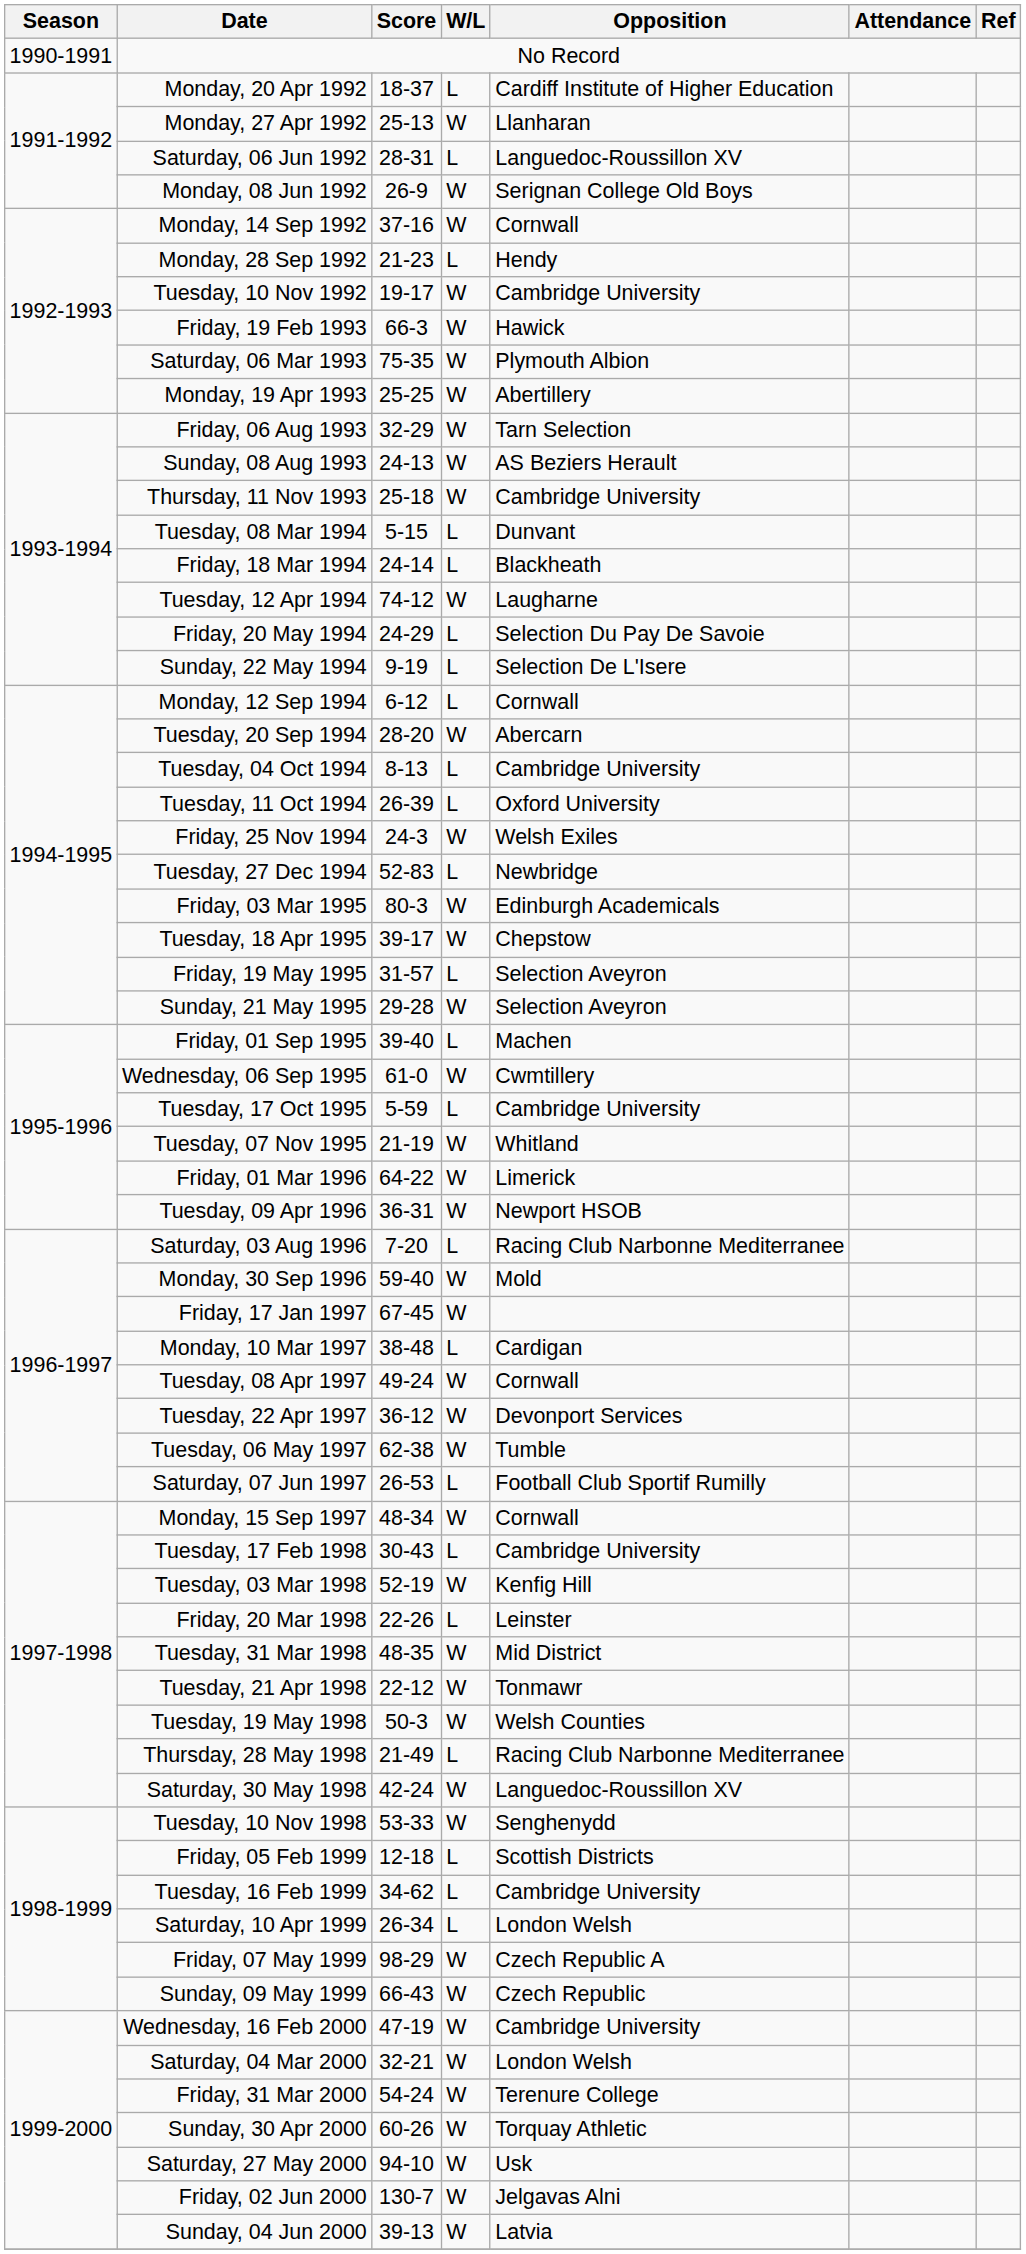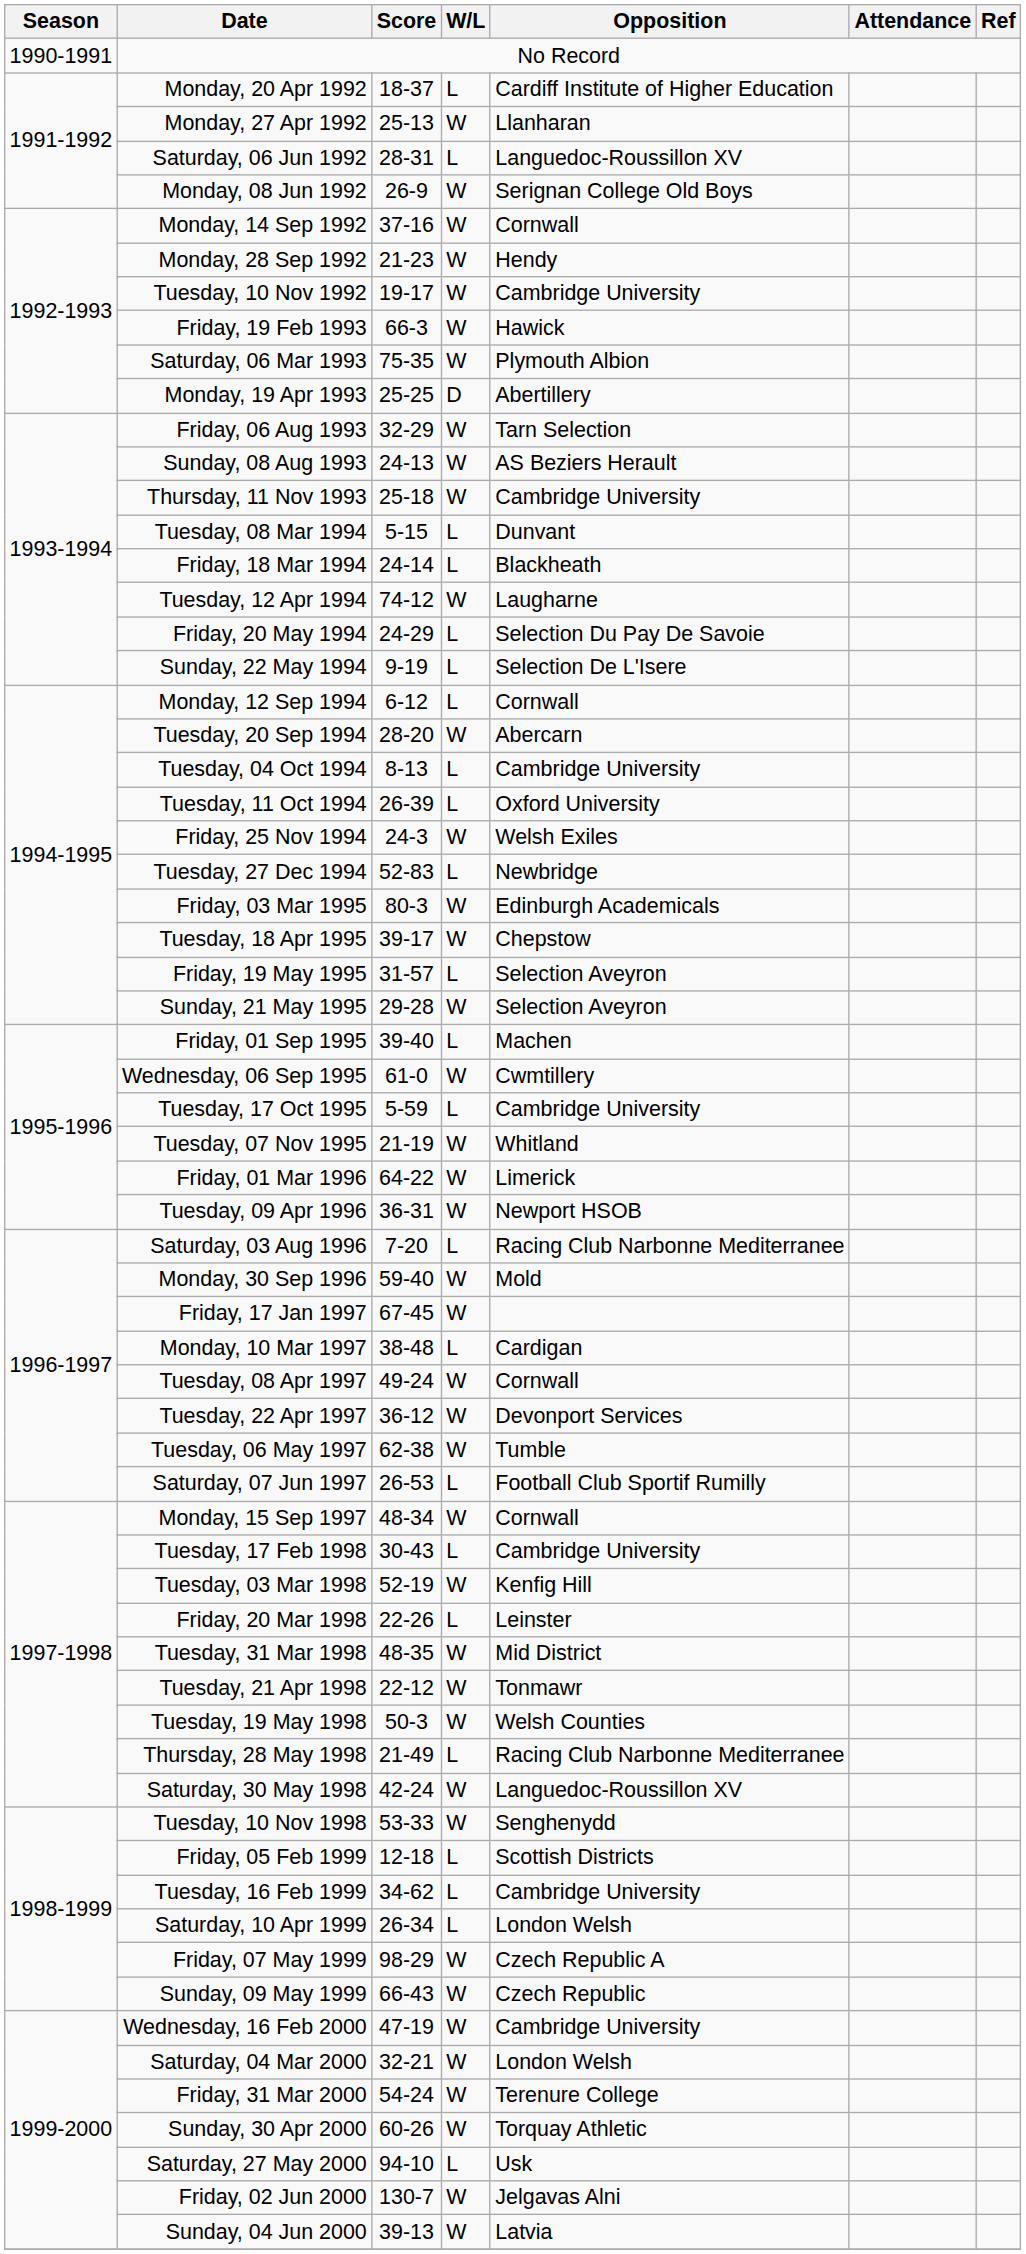 <table class="wikitable">
 <tr>
 <th>Season</th>
 <th>Date</th>
 <th>Score</th>
 <th>W/L</th>
 <th>Opposition</th>
 <th>Attendance</th>
 <th>Ref</th>
 </tr>
 <tr>
 <td>1990-1991</td>
 <td align=center colspan="7">No Record</td>
 </tr>
 <tr>
 <td rowspan=4>1991-1992</td>
 <td style="text-align:right;">Monday, 20 Apr 1992</td>
 <td style="text-align:center;">18-37</td>
 <td style="text-align:left;">L</td>
 <td>Cardiff Institute of Higher Education</td>
 <td></td>
 <td></td>
 </tr>
 <tr>
 <td style="text-align:right;">Monday, 27 Apr 1992</td>
 <td style="text-align:center;">25-13</td>
 <td style="text-align:left;">W</td>
 <td>Llanharan</td>
 <td></td>
 <td></td>
 </tr>
 <tr>
 <td style="text-align:right;">Saturday, 06 Jun 1992</td>
 <td style="text-align:center;">28-31</td>
 <td style="text-align:left;">L</td>
 <td>Languedoc-Roussillon XV</td>
 <td></td>
 </tr>
 <tr>
 <td style="text-align:right;">Monday, 08 Jun 1992</td>
 <td style="text-align:center;">26-9</td>
 <td style="text-align:left;">W</td>
 <td>Serignan College Old Boys</td>
 <td></td>
 <td></td>
 </tr>
 <tr>
 <td rowspan=6>1992-1993</td>
 <td style="text-align:right;">Monday, 14 Sep 1992</td>
 <td style="text-align:center;">37-16</td>
 <td style="text-align:left;">W</td>
 <td>Cornwall</td>
 <td></td>
 </tr>
 <tr>
 <td style="text-align:right;">Monday, 28 Sep 1992</td>
 <td style="text-align:center;">21-23</td>
-<td style="text-align:left;">L</td>
+<td style="text-align:left;">W</td>
 <td>Hendy</td>
 <td></td>
 <td></td>
 </tr>
 <tr>
 <td style="text-align:right;">Tuesday, 10 Nov 1992</td>
 <td style="text-align:center;">19-17</td>
 <td style="text-align:left;">W</td>
 <td>Cambridge University</td>
 <td></td>
 <td></td>
 </tr>
 <tr>
 <td style="text-align:right;">Friday, 19 Feb 1993</td>
 <td style="text-align:center;">66-3</td>
 <td style="text-align:left;">W</td>
 <td>Hawick</td>
 <td></td>
 <td></td>
 </tr>
 <tr>
 <td style="text-align:right;">Saturday, 06 Mar 1993</td>
 <td style="text-align:center;">75-35</td>
 <td style="text-align:left;">W</td>
 <td>Plymouth Albion</td>
 <td></td>
 <td></td>
 </tr>
 <tr>
 <td style="text-align:right;">Monday, 19 Apr 1993</td>
 <td style="text-align:center;">25-25</td>
-<td style="text-align:left;">W</td>
+<td style="text-align:left;">D</td>
 <td>Abertillery</td>
 <td></td>
 <td></td>
 </tr>
 <tr>
 <td rowspan=8>1993-1994</td>
 <td style="text-align:right;">Friday, 06 Aug 1993</td>
 <td style="text-align:center;">32-29</td>
 <td style="text-align:left;">W</td>
 <td>Tarn Selection</td>
 <td></td>
 </tr>
 <tr>
 <td style="text-align:right;">Sunday, 08 Aug 1993</td>
 <td style="text-align:center;">24-13</td>
 <td style="text-align:left;">W</td>
 <td>AS Beziers Herault</td>
 <td></td>
 <td></td>
 </tr>
 <tr>
 <td style="text-align:right;">Thursday, 11 Nov 1993</td>
 <td style="text-align:center;">25-18</td>
 <td style="text-align:left;">W</td>
 <td>Cambridge University</td>
 <td></td>
 <td></td>
 </tr>
 <tr>
 <td style="text-align:right;">Tuesday, 08 Mar 1994</td>
 <td style="text-align:center;">5-15</td>
 <td style="text-align:left;">L</td>
 <td>Dunvant</td>
 <td></td>
 <td></td>
 </tr>
 <tr>
 <td style="text-align:right;">Friday, 18 Mar 1994</td>
 <td style="text-align:center;">24-14</td>
 <td style="text-align:left;">L</td>
 <td>Blackheath</td>
 <td></td>
 <td></td>
 </tr>
 <tr>
 <td style="text-align:right;">Tuesday, 12 Apr 1994</td>
 <td style="text-align:center;">74-12</td>
 <td style="text-align:left;">W</td>
 <td>Laugharne</td>
 <td></td>
 <td></td>
 </tr>
 <tr>
 <td style="text-align:right;">Friday, 20 May 1994</td>
 <td style="text-align:center;">24-29</td>
 <td style="text-align:left;">L</td>
 <td>Selection Du Pay De Savoie</td>
 <td></td>
 <td></td>
 </tr>
 <tr>
 <td style="text-align:right;">Sunday, 22 May 1994</td>
 <td style="text-align:center;">9-19</td>
 <td style="text-align:left;">L</td>
 <td>Selection De L'Isere</td>
 <td></td>
 <td></td>
 </tr>
 <tr>
 <td rowspan=10>1994-1995</td>
 <td style="text-align:right;">Monday, 12 Sep 1994</td>
 <td style="text-align:center;">6-12</td>
 <td style="text-align:left;">L</td>
 <td>Cornwall</td>
 <td></td>
 </tr>
 <tr>
 <td style="text-align:right;">Tuesday, 20 Sep 1994</td>
 <td style="text-align:center;">28-20</td>
 <td style="text-align:left;">W</td>
 <td>Abercarn</td>
 <td></td>
 <td></td>
 </tr>
 <tr>
 <td style="text-align:right;">Tuesday, 04 Oct 1994</td>
 <td style="text-align:center;">8-13</td>
 <td style="text-align:left;">L</td>
 <td>Cambridge University</td>
 <td></td>
 <td></td>
 </tr>
 <tr>
 <td style="text-align:right;">Tuesday, 11 Oct 1994</td>
 <td style="text-align:center;">26-39</td>
 <td style="text-align:left;">L</td>
 <td>Oxford University</td>
 <td></td>
 <td></td>
 </tr>
 <tr>
 <td style="text-align:right;">Friday, 25 Nov 1994</td>
 <td style="text-align:center;">24-3</td>
 <td style="text-align:left;">W</td>
 <td>Welsh Exiles</td>
 <td></td>
 <td></td>
 </tr>
 <tr>
 <td style="text-align:right;">Tuesday, 27 Dec 1994</td>
 <td style="text-align:center;">52-83</td>
 <td style="text-align:left;">L</td>
 <td>Newbridge</td>
 <td></td>
 <td></td>
 </tr>
 <tr>
 <td style="text-align:right;">Friday, 03 Mar 1995</td>
 <td style="text-align:center;">80-3</td>
 <td style="text-align:left;">W</td>
 <td>Edinburgh Academicals</td>
 <td></td>
 <td></td>
 </tr>
 <tr>
 <td style="text-align:right;">Tuesday, 18 Apr 1995</td>
 <td style="text-align:center;">39-17</td>
 <td style="text-align:left;">W</td>
 <td>Chepstow</td>
 <td></td>
 <td></td>
 </tr>
 <tr>
 <td style="text-align:right;">Friday, 19 May 1995</td>
 <td style="text-align:center;">31-57</td>
 <td style="text-align:left;">L</td>
 <td>Selection Aveyron</td>
 <td></td>
 <td></td>
 </tr>
 <tr>
 <td style="text-align:right;">Sunday, 21 May 1995</td>
 <td style="text-align:center;">29-28</td>
 <td style="text-align:left;">W</td>
 <td>Selection Aveyron</td>
 <td></td>
 <td></td>
 </tr>
 <tr>
 <td rowspan=6>1995-1996</td>
 <td style="text-align:right;">Friday, 01 Sep 1995</td>
 <td style="text-align:center;">39-40</td>
 <td style="text-align:left;">L</td>
 <td>Machen</td>
 <td></td>
 </tr>
 <tr>
 <td style="text-align:right;">Wednesday, 06 Sep 1995</td>
 <td style="text-align:center;">61-0</td>
 <td style="text-align:left;">W</td>
 <td>Cwmtillery</td>
 <td></td>
 <td></td>
 </tr>
 <tr>
 <td style="text-align:right;">Tuesday, 17 Oct 1995</td>
 <td style="text-align:center;">5-59</td>
 <td style="text-align:left;">L</td>
 <td>Cambridge University</td>
 <td></td>
 <td></td>
 </tr>
 <tr>
 <td style="text-align:right;">Tuesday, 07 Nov 1995</td>
 <td style="text-align:center;">21-19</td>
 <td style="text-align:left;">W</td>
 <td>Whitland</td>
 <td></td>
 <td></td>
 </tr>
 <tr>
 <td style="text-align:right;">Friday, 01 Mar 1996</td>
 <td style="text-align:center;">64-22</td>
 <td style="text-align:left;">W</td>
 <td>Limerick</td>
 <td></td>
 <td></td>
 </tr>
 <tr>
 <td style="text-align:right;">Tuesday, 09 Apr 1996</td>
 <td style="text-align:center;">36-31</td>
 <td style="text-align:left;">W</td>
 <td>Newport HSOB</td>
 <td></td>
 <td></td>
 </tr>
 <tr>
 <td rowspan=8>1996-1997</td>
 <td style="text-align:right;">Saturday, 03 Aug 1996</td>
 <td style="text-align:center;">7-20</td>
 <td style="text-align:left;">L</td>
 <td>Racing Club Narbonne Mediterranee</td>
 <td></td>
 </tr>
 <tr>
 <td style="text-align:right;">Monday, 30 Sep 1996</td>
 <td style="text-align:center;">59-40</td>
 <td style="text-align:left;">W</td>
 <td>Mold</td>
 <td></td>
 <td></td>
 </tr>
 <tr>
 <td style="text-align:right;">Friday, 17 Jan 1997</td>
 <td style="text-align:center;">67-45</td>
 <td style="text-align:left;">W</td>
 <td></td>
 <td></td>
 <td></td>
 </tr>
 <tr>
 <td style="text-align:right;">Monday, 10 Mar 1997</td>
 <td style="text-align:center;">38-48</td>
 <td style="text-align:left;">L</td>
 <td>Cardigan</td>
 <td></td>
 <td></td>
 </tr>
 <tr>
 <td style="text-align:right;">Tuesday, 08 Apr 1997</td>
 <td style="text-align:center;">49-24</td>
 <td style="text-align:left;">W</td>
 <td>Cornwall</td>
 <td></td>
 <td></td>
 </tr>
 <tr>
 <td style="text-align:right;">Tuesday, 22 Apr 1997</td>
 <td style="text-align:center;">36-12</td>
 <td style="text-align:left;">W</td>
 <td>Devonport Services</td>
 <td></td>
 <td></td>
 </tr>
 <tr>
 <td style="text-align:right;">Tuesday, 06 May 1997</td>
 <td style="text-align:center;">62-38</td>
 <td style="text-align:left;">W</td>
 <td>Tumble</td>
 <td></td>
 <td></td>
 </tr>
 <tr>
 <td style="text-align:right;">Saturday, 07 Jun 1997</td>
 <td style="text-align:center;">26-53</td>
 <td style="text-align:left;">L</td>
 <td>Football Club Sportif Rumilly</td>
 <td></td>
 <td></td>
 </tr>
 <tr>
 <td rowspan=9>1997-1998</td>
 <td style="text-align:right;">Monday, 15 Sep 1997</td>
 <td style="text-align:center;">48-34</td>
 <td style="text-align:left;">W</td>
 <td>Cornwall</td>
 <td></td>
 </tr>
 <tr>
 <td style="text-align:right;">Tuesday, 17 Feb 1998</td>
 <td style="text-align:center;">30-43</td>
 <td style="text-align:left;">L</td>
 <td>Cambridge University</td>
 <td></td>
 <td></td>
 </tr>
 <tr>
 <td style="text-align:right;">Tuesday, 03 Mar 1998</td>
 <td style="text-align:center;">52-19</td>
 <td style="text-align:left;">W</td>
 <td>Kenfig Hill</td>
 <td></td>
 <td></td>
 </tr>
 <tr>
 <td style="text-align:right;">Friday, 20 Mar 1998</td>
 <td style="text-align:center;">22-26</td>
 <td style="text-align:left;">L</td>
 <td>Leinster</td>
 <td></td>
 <td></td>
 </tr>
 <tr>
 <td style="text-align:right;">Tuesday, 31 Mar 1998</td>
 <td style="text-align:center;">48-35</td>
 <td style="text-align:left;">W</td>
 <td>Mid District</td>
 <td></td>
 <td></td>
 </tr>
 <tr>
 <td style="text-align:right;">Tuesday, 21 Apr 1998</td>
 <td style="text-align:center;">22-12</td>
 <td style="text-align:left;">W</td>
 <td>Tonmawr</td>
 <td></td>
 <td></td>
 </tr>
 <tr>
 <td style="text-align:right;">Tuesday, 19 May 1998</td>
 <td style="text-align:center;">50-3</td>
 <td style="text-align:left;">W</td>
 <td>Welsh Counties</td>
 <td></td>
 <td></td>
 </tr>
 <tr>
 <td style="text-align:right;">Thursday, 28 May 1998</td>
 <td style="text-align:center;">21-49</td>
 <td style="text-align:left;">L</td>
 <td>Racing Club Narbonne Mediterranee</td>
 <td></td>
 <td></td>
 </tr>
 <tr>
 <td style="text-align:right;">Saturday, 30 May 1998</td>
 <td style="text-align:center;">42-24</td>
 <td style="text-align:left;">W</td>
 <td>Languedoc-Roussillon XV</td>
 <td></td>
 <td></td>
 </tr>
 <tr>
 <td rowspan=6>1998-1999</td>
 <td style="text-align:right;">Tuesday, 10 Nov 1998</td>
 <td style="text-align:center;">53-33</td>
 <td style="text-align:left;">W</td>
 <td>Senghenydd</td>
 <td></td>
 </tr>
 <tr>
 <td style="text-align:right;">Friday, 05 Feb 1999</td>
 <td style="text-align:center;">12-18</td>
 <td style="text-align:left;">L</td>
 <td>Scottish Districts</td>
 <td></td>
 <td></td>
 </tr>
 <tr>
 <td style="text-align:right;">Tuesday, 16 Feb 1999</td>
 <td style="text-align:center;">34-62</td>
 <td style="text-align:left;">L</td>
 <td>Cambridge University</td>
 <td></td>
 <td></td>
 </tr>
 <tr>
 <td style="text-align:right;">Saturday, 10 Apr 1999</td>
 <td style="text-align:center;">26-34</td>
 <td style="text-align:left;">L</td>
 <td>London Welsh</td>
 <td></td>
 <td></td>
 </tr>
 <tr>
 <td style="text-align:right;">Friday, 07 May 1999</td>
 <td style="text-align:center;">98-29</td>
 <td style="text-align:left;">W</td>
 <td>Czech Republic A</td>
 <td></td>
 <td></td>
 </tr>
 <tr>
 <td style="text-align:right;">Sunday, 09 May 1999</td>
 <td style="text-align:center;">66-43</td>
 <td style="text-align:left;">W</td>
 <td>Czech Republic</td>
 <td></td>
 <td></td>
 </tr>
 <tr>
 <td rowspan=7>1999-2000</td>
 <td style="text-align:right;">Wednesday, 16 Feb 2000</td>
 <td style="text-align:center;">47-19</td>
 <td style="text-align:left;">W</td>
 <td>Cambridge University</td>
 <td></td>
 </tr>
 <tr>
 <td style="text-align:right;">Saturday, 04 Mar 2000</td>
 <td style="text-align:center;">32-21</td>
 <td style="text-align:left;">W</td>
 <td>London Welsh</td>
 <td></td>
 <td></td>
 </tr>
 <tr>
 <td style="text-align:right;">Friday, 31 Mar 2000</td>
 <td style="text-align:center;">54-24</td>
 <td style="text-align:left;">W</td>
 <td>Terenure College</td>
 <td></td>
 <td></td>
 </tr>
 <tr>
 <td style="text-align:right;">Sunday, 30 Apr 2000</td>
 <td style="text-align:center;">60-26</td>
 <td style="text-align:left;">W</td>
 <td>Torquay Athletic</td>
 <td></td>
 <td></td>
 </tr>
 <tr>
 <td style="text-align:right;">Saturday, 27 May 2000</td>
 <td style="text-align:center;">94-10</td>
-<td style="text-align:left;">W</td>
+<td style="text-align:left;">L</td>
 <td>Usk</td>
 <td></td>
 <td></td>
 </tr>
 <tr>
 <td style="text-align:right;">Friday, 02 Jun 2000</td>
 <td style="text-align:center;">130-7</td>
 <td style="text-align:left;">W</td>
 <td>Jelgavas Alni</td>
 <td></td>
 <td></td>
 </tr>
 <tr>
 <td style="text-align:right;">Sunday, 04 Jun 2000</td>
 <td style="text-align:center;">39-13</td>
 <td style="text-align:left;">W</td>
 <td>Latvia</td>
 <td></td>
 <td></td>
 </tr>
 <tr>
 </tr>
 </table>
